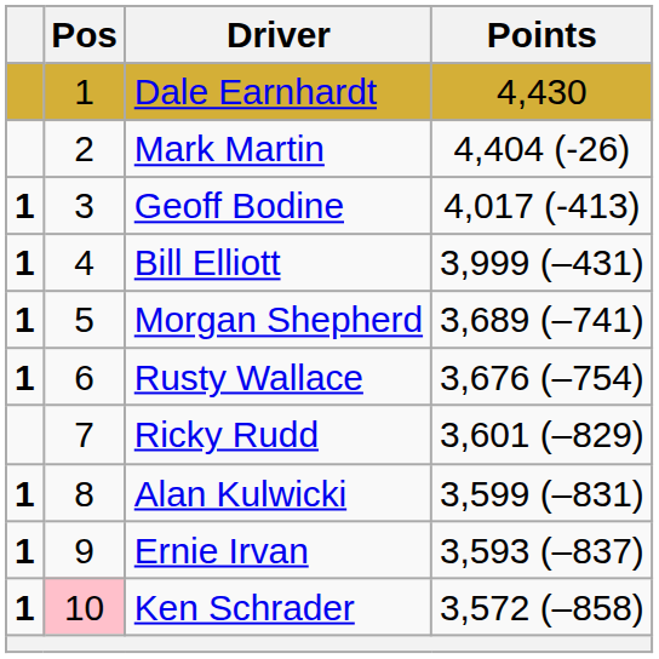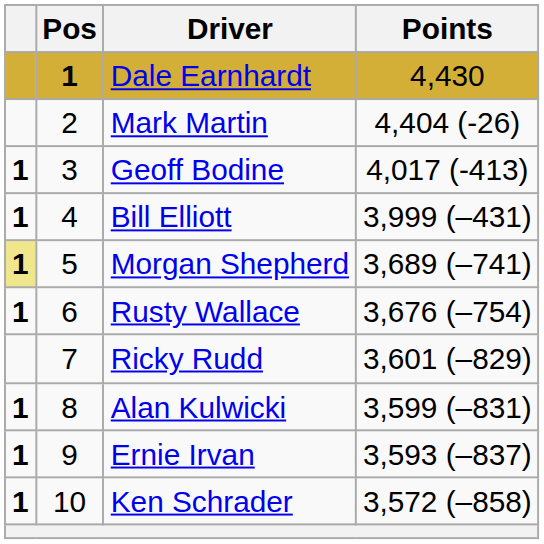 <table class="wikitable" style="font-size: 95%;">
 <tr>
 <th></th>
 <th>Pos</th>
 <th>Driver</th>
 <th>Points</th>
 </tr>
 <tr style="background:#D4AF37;">
 <td align="left"></td>
-<td style="text-align:center;">1</td>
+<td style="text-align:center;"><strong>1</strong></td>
 <td><a href='#'>Dale Earnhardt</a></td>
 <td style="text-align:center;">4,430</td>
 </tr>
 <tr>
 <td align="left"></td>
 <td style="text-align:center;">2</td>
 <td><a href='#'>Mark Martin</a></td>
 <td style="text-align:center;">4,404 (-26)</td>
 </tr>
 <tr>
 <td align="left">  <strong>1</strong></td>
 <td style="text-align:center;">3</td>
 <td><a href='#'>Geoff Bodine</a></td>
 <td style="text-align:center;">4,017 (-413)</td>
 </tr>
 <tr>
 <td align="left">  <strong>1</strong></td>
 <td style="text-align:center;">4</td>
 <td><a href='#'>Bill Elliott</a></td>
 <td style="text-align:center;">3,999 (–431)</td>
 </tr>
 <tr>
-<td align="left">  <strong>1</strong></td>
+<td align="left" style="background: khaki;">  <strong>1</strong></td>
 <td style="text-align:center;">5</td>
 <td><a href='#'>Morgan Shepherd</a></td>
 <td style="text-align:center;">3,689 (–741)</td>
 </tr>
 <tr>
 <td align="left">  <strong>1</strong></td>
 <td style="text-align:center;">6</td>
 <td><a href='#'>Rusty Wallace</a></td>
 <td style="text-align:center;">3,676 (–754)</td>
 </tr>
 <tr>
 <td align="left"></td>
 <td style="text-align:center;">7</td>
 <td><a href='#'>Ricky Rudd</a></td>
 <td style="text-align:center;">3,601 (–829)</td>
 </tr>
 <tr>
 <td align="left">  <strong>1</strong></td>
 <td style="text-align:center;">8</td>
 <td><a href='#'>Alan Kulwicki</a></td>
 <td style="text-align:center;">3,599 (–831)</td>
 </tr>
 <tr>
 <td align="left">  <strong>1</strong></td>
 <td style="text-align:center;">9</td>
 <td><a href='#'>Ernie Irvan</a></td>
 <td style="text-align:center;">3,593 (–837)</td>
 </tr>
 <tr>
 <td align="left">  <strong>1</strong></td>
-<td style="background: pink; text-align:center;">10</td>
+<td style="text-align:center;">10</td>
 <td><a href='#'>Ken Schrader</a></td>
 <td style="text-align:center;">3,572 (–858)</td>
 </tr>
 <tr class="sortbottom">
 <th colspan="9"></th>
 </tr>
 </table>
